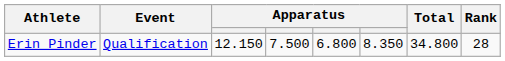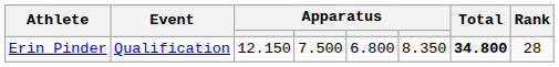 <table class=wikitable style=font-size:90%;text-align:center>
 <tr>
 <th rowspan=2>Athlete</th>
 <th rowspan=2>Event</th>
 <th colspan=4>Apparatus</th>
 <th rowspan=2>Total</th>
 <th rowspan=2>Rank</th>
 </tr>
 <tr style=font-size:95%>
 <th></th>
 <th></th>
 <th></th>
 <th></th>
 </tr>
 <tr>
 <td align=left><a href='#'>Erin Pinder</a></td>
 <td align=left><a href='#'>Qualification</a></td>
 <td>12.150</td>
 <td>7.500</td>
 <td>6.800</td>
 <td>8.350</td>
-<td>34.800</td>
+<td><strong>34.800</strong></td>
 <td>28</td>
 </tr>
 </table>
